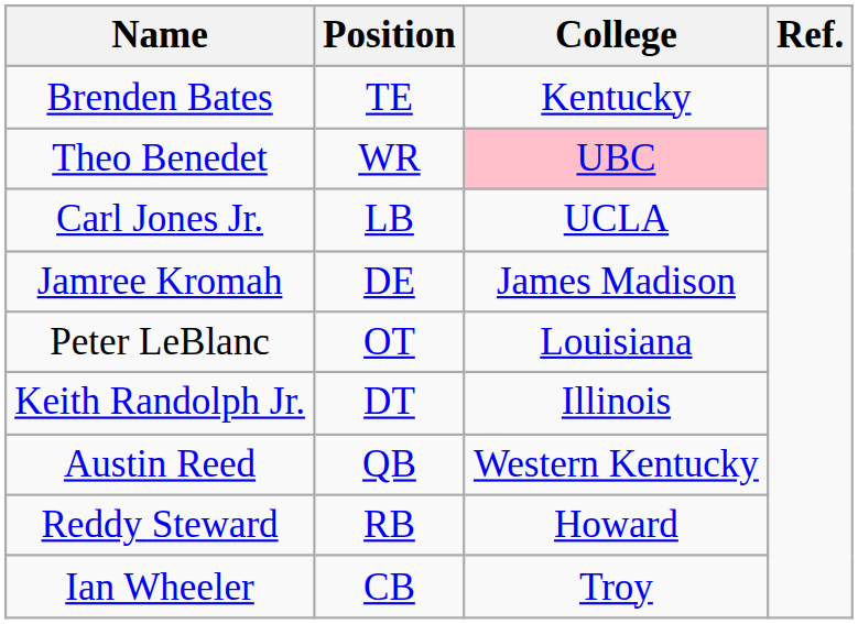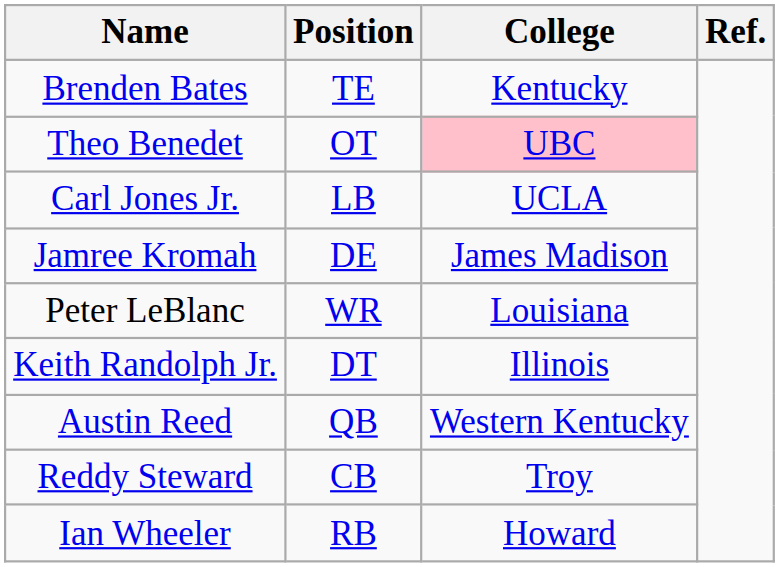 <table class="wikitable" style="text-align:center">
 <tr>
 <th>Name</th>
 <th>Position</th>
 <th>College</th>
 <th>Ref.</th>
 </tr>
 <tr>
 <td><a href='#'>Brenden Bates</a></td>
 <td><a href='#'>TE</a></td>
 <td><a href='#'>Kentucky</a></td>
 <td rowspan="9" style="text-align:center"></td>
 </tr>
 <tr>
 <td><a href='#'>Theo Benedet</a></td>
-<td><a href='#'>WR</a></td>
+<td><a href='#'>OT</a></td>
 <td style="background: pink;"><a href='#'>UBC</a></td>
 </tr>
 <tr>
 <td><a href='#'>Carl Jones Jr.</a></td>
 <td><a href='#'>LB</a></td>
 <td><a href='#'>UCLA</a></td>
 </tr>
 <tr>
 <td><a href='#'>Jamree Kromah</a></td>
 <td><a href='#'>DE</a></td>
 <td><a href='#'>James Madison</a></td>
 </tr>
 <tr>
 <td>Peter LeBlanc</td>
-<td><a href='#'>OT</a></td>
+<td><a href='#'>WR</a></td>
 <td><a href='#'>Louisiana</a></td>
 </tr>
 <tr>
 <td><a href='#'>Keith Randolph Jr.</a></td>
 <td><a href='#'>DT</a></td>
 <td><a href='#'>Illinois</a></td>
 </tr>
 <tr>
 <td><a href='#'>Austin Reed</a></td>
 <td><a href='#'>QB</a></td>
 <td><a href='#'>Western Kentucky</a></td>
 </tr>
 <tr>
 <td><a href='#'>Reddy Steward</a></td>
+<td><a href='#'>CB</a></td>
+<td><a href='#'>Troy</a></td>
+</tr>
+<tr>
+<td><a href='#'>Ian Wheeler</a></td>
 <td><a href='#'>RB</a></td>
 <td><a href='#'>Howard</a></td>
 </tr>
-<tr>
-<td><a href='#'>Ian Wheeler</a></td>
-<td><a href='#'>CB</a></td>
-<td><a href='#'>Troy</a></td>
-</tr>
 </table>
